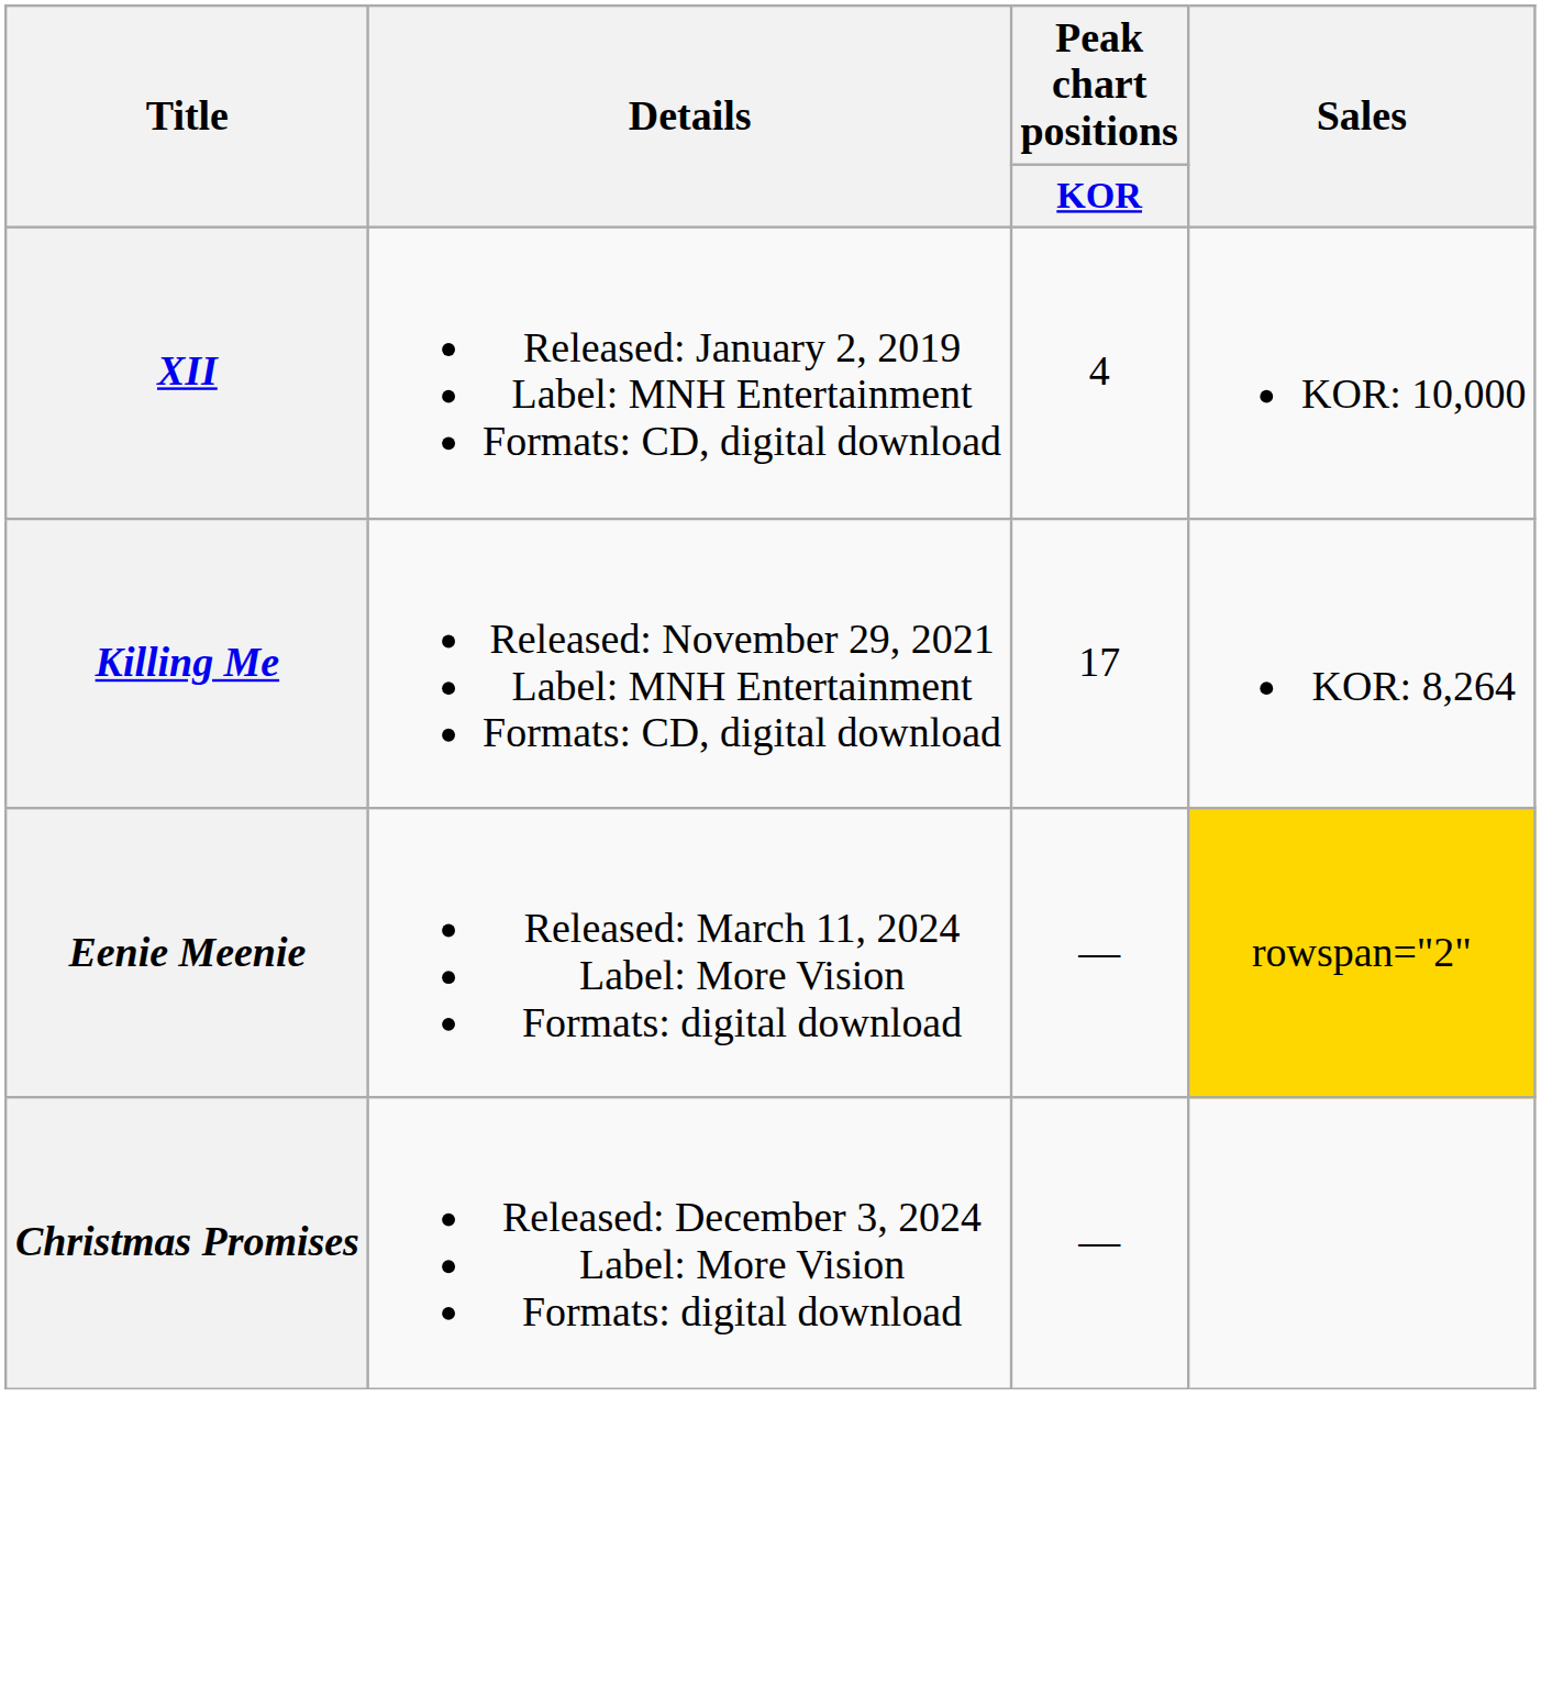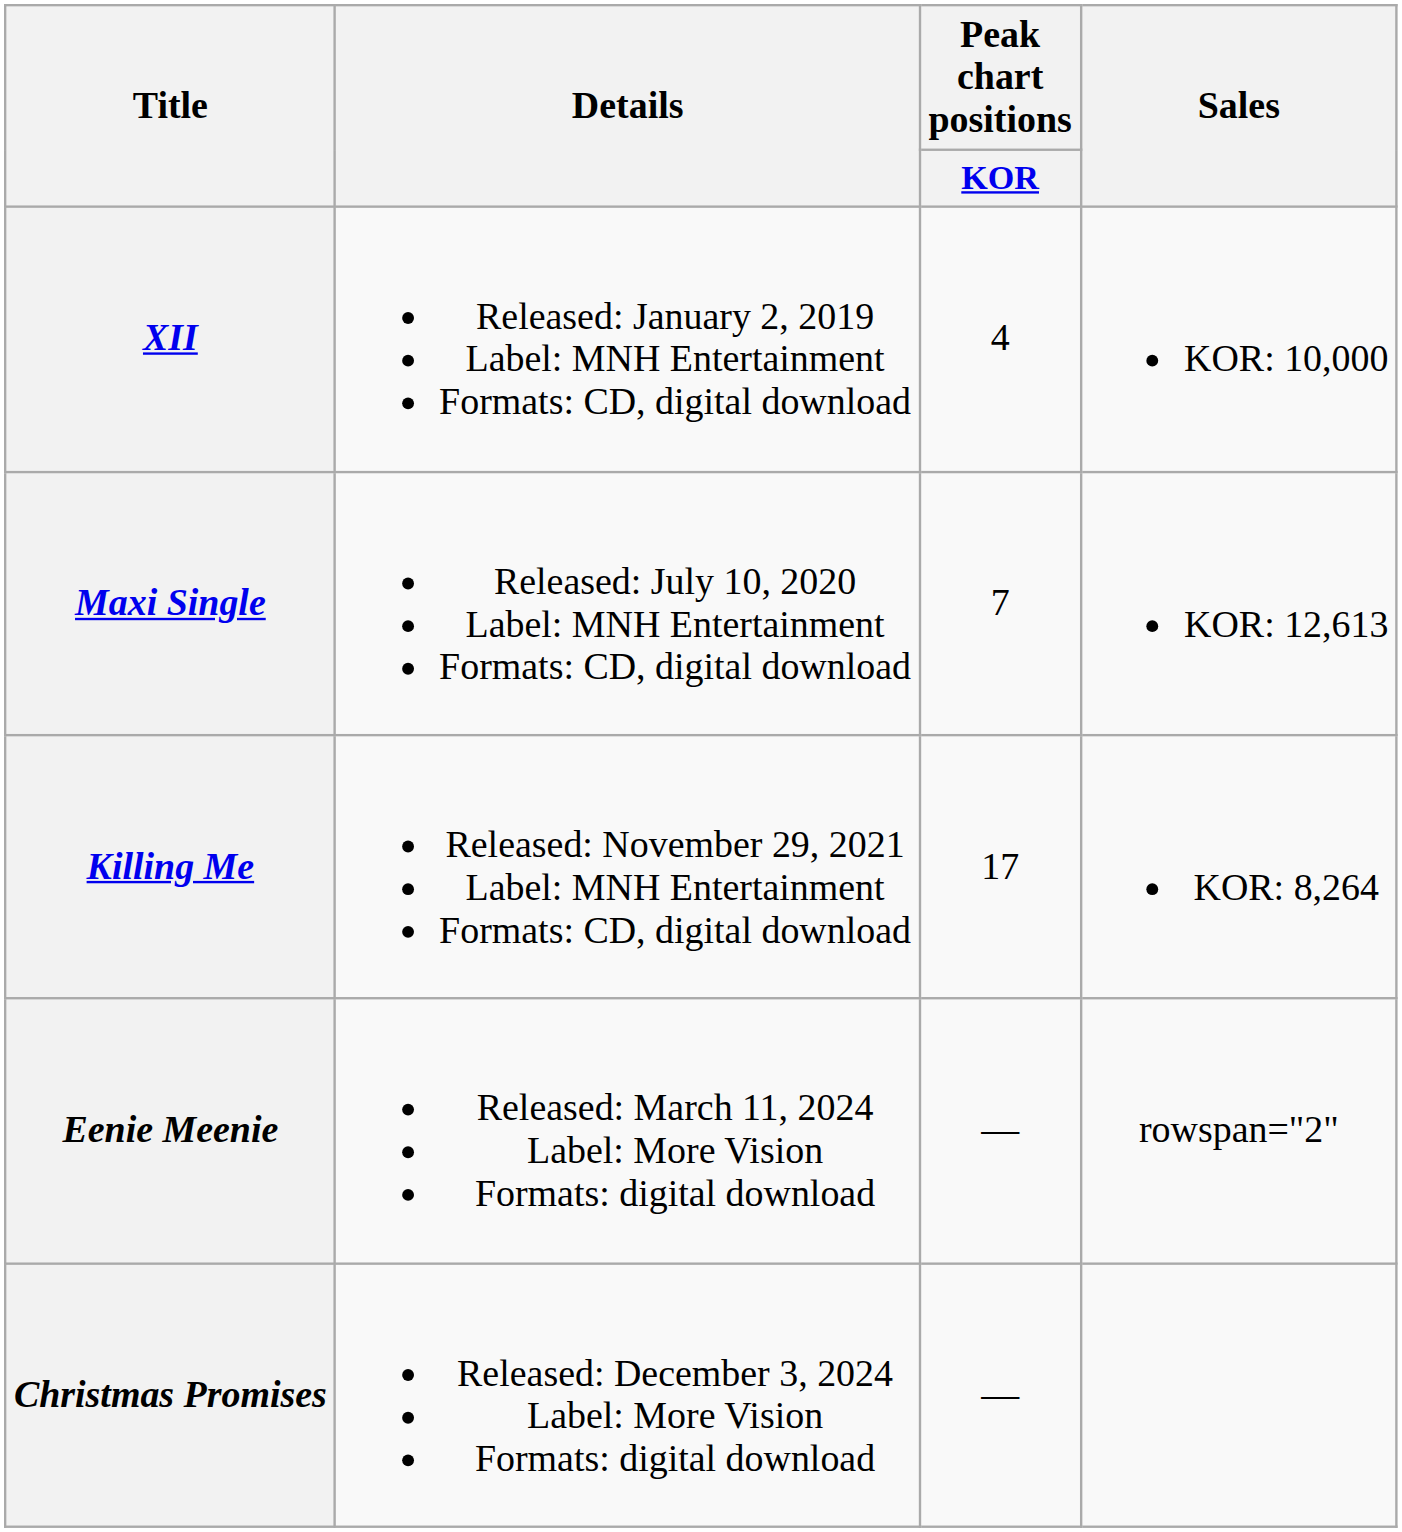 <table class="wikitable plainrowheaders" style="text-align:center;">
 <tr>
 <th scope="col" rowspan="2">Title</th>
 <th scope="col" rowspan="2">Details</th>
 <th scope="col" colspan="1">Peak<br>chart<br>positions</th>
 <th scope="col" rowspan="2">Sales</th>
 </tr>
 <tr>
 <th scope="col" style="width:3em;font-size:90%;"><a href='#'>KOR</a><br></th>
 </tr>
 <tr>
 <th scope=row><em><a href='#'>XII</a></em></th>
 <td><br><ul><li>Released: January 2, 2019</li><li>Label: MNH Entertainment</li><li>Formats: CD, digital download</li></ul></td>
 <td>4</td>
 <td><br><ul><li>KOR: 10,000</li></ul></td>
 </tr>
 <tr>
+<th scope=row><em><a href='#'>Maxi Single</a></em></th>
+<td><br><ul><li>Released: July 10, 2020</li><li>Label: MNH Entertainment</li><li>Formats: CD, digital download</li></ul></td>
+<td>7</td>
+<td><br><ul><li>KOR: 12,613</li></ul></td>
+</tr>
+<tr>
 <th scope=row><em><a href='#'>Killing Me</a></em></th>
 <td><br><ul><li>Released: November 29, 2021</li><li>Label: MNH Entertainment</li><li>Formats: CD, digital download</li></ul></td>
 <td>17</td>
 <td><br><ul><li>KOR: 8,264</li></ul></td>
 </tr>
 <tr>
 <th scope=row><em>Eenie Meenie</em></th>
 <td><br><ul><li>Released: March 11, 2024</li><li>Label: More Vision</li><li>Formats: digital download</li></ul></td>
 <td>—</td>
-<td style="background: gold;">rowspan="2" </td>
+<td>rowspan="2" </td>
 </tr>
 <tr>
 <th scope=row><em>Christmas Promises</em></th>
 <td><br><ul><li>Released: December 3, 2024</li><li>Label: More Vision</li><li>Formats: digital download</li></ul></td>
 <td>—</td>
 </tr>
 </table>
